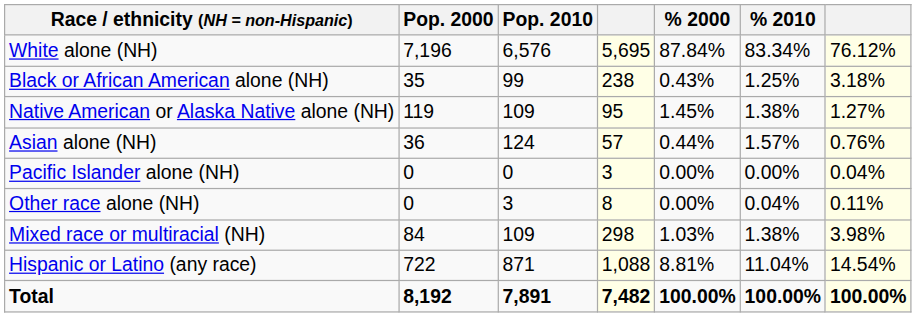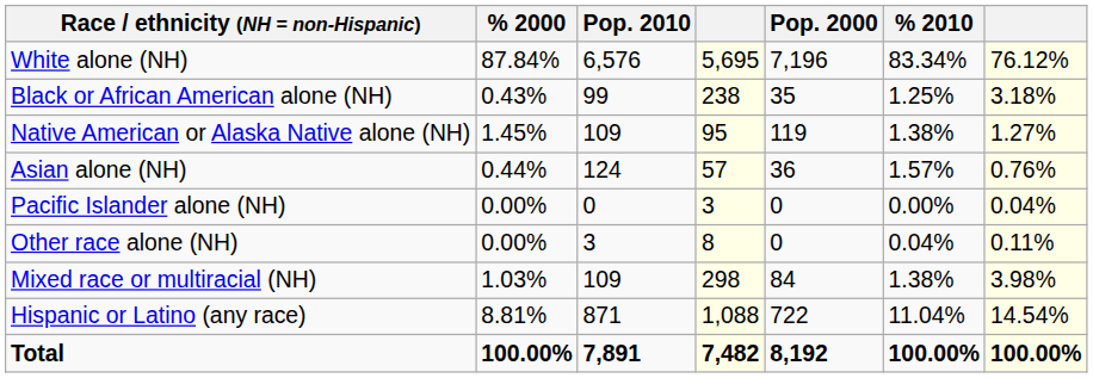 <table class="wikitable">
 <tr>
 <th>Race / ethnicity <small>(<em>NH = non-Hispanic</em>)</small></th>
-<th>Pop. 2000</th>
+<th>% 2000</th>
 <th>Pop. 2010</th>
 <th></th>
-<th>% 2000</th>
+<th>Pop. 2000</th>
 <th>% 2010</th>
 <th></th>
 </tr>
 <tr>
 <td><a href='#'>White</a> alone (NH)</td>
-<td>7,196</td>
+<td>87.84%</td>
 <td>6,576</td>
 <td style='background: #ffffe6;'>5,695</td>
-<td>87.84%</td>
+<td>7,196</td>
 <td>83.34%</td>
 <td style='background: #ffffe6;'>76.12%</td>
 </tr>
 <tr>
 <td><a href='#'>Black or African American</a> alone (NH)</td>
-<td>35</td>
+<td>0.43%</td>
 <td>99</td>
 <td style='background: #ffffe6;'>238</td>
-<td>0.43%</td>
+<td>35</td>
 <td>1.25%</td>
 <td style='background: #ffffe6;'>3.18%</td>
 </tr>
 <tr>
 <td><a href='#'>Native American</a> or <a href='#'>Alaska Native</a> alone (NH)</td>
-<td>119</td>
+<td>1.45%</td>
 <td>109</td>
 <td style='background: #ffffe6;'>95</td>
-<td>1.45%</td>
+<td>119</td>
 <td>1.38%</td>
 <td style='background: #ffffe6;'>1.27%</td>
 </tr>
 <tr>
 <td><a href='#'>Asian</a> alone (NH)</td>
-<td>36</td>
+<td>0.44%</td>
 <td>124</td>
 <td style='background: #ffffe6;'>57</td>
-<td>0.44%</td>
+<td>36</td>
 <td>1.57%</td>
 <td style='background: #ffffe6;'>0.76%</td>
 </tr>
 <tr>
 <td><a href='#'>Pacific Islander</a> alone (NH)</td>
-<td>0</td>
+<td>0.00%</td>
 <td>0</td>
 <td style='background: #ffffe6;'>3</td>
-<td>0.00%</td>
+<td>0</td>
 <td>0.00%</td>
 <td style='background: #ffffe6;'>0.04%</td>
 </tr>
 <tr>
 <td><a href='#'>Other race</a> alone (NH)</td>
-<td>0</td>
+<td>0.00%</td>
 <td>3</td>
 <td style='background: #ffffe6;'>8</td>
-<td>0.00%</td>
+<td>0</td>
 <td>0.04%</td>
 <td style='background: #ffffe6;'>0.11%</td>
 </tr>
 <tr>
 <td><a href='#'>Mixed race or multiracial</a> (NH)</td>
-<td>84</td>
+<td>1.03%</td>
 <td>109</td>
 <td style='background: #ffffe6;'>298</td>
-<td>1.03%</td>
+<td>84</td>
 <td>1.38%</td>
 <td style='background: #ffffe6;'>3.98%</td>
 </tr>
 <tr>
 <td><a href='#'>Hispanic or Latino</a> (any race)</td>
-<td>722</td>
+<td>8.81%</td>
 <td>871</td>
 <td style='background: #ffffe6;'>1,088</td>
-<td>8.81%</td>
+<td>722</td>
 <td>11.04%</td>
 <td style='background: #ffffe6;'>14.54%</td>
 </tr>
 <tr>
 <td><strong>Total</strong></td>
-<td><strong>8,192</strong></td>
+<td><strong>100.00%</strong></td>
 <td><strong>7,891</strong></td>
 <td style='background: #ffffe6;'><strong>7,482</strong></td>
-<td><strong>100.00%</strong></td>
+<td><strong>8,192</strong></td>
 <td><strong>100.00%</strong></td>
 <td style='background: #ffffe6;'><strong>100.00%</strong></td>
 </tr>
 </table>
